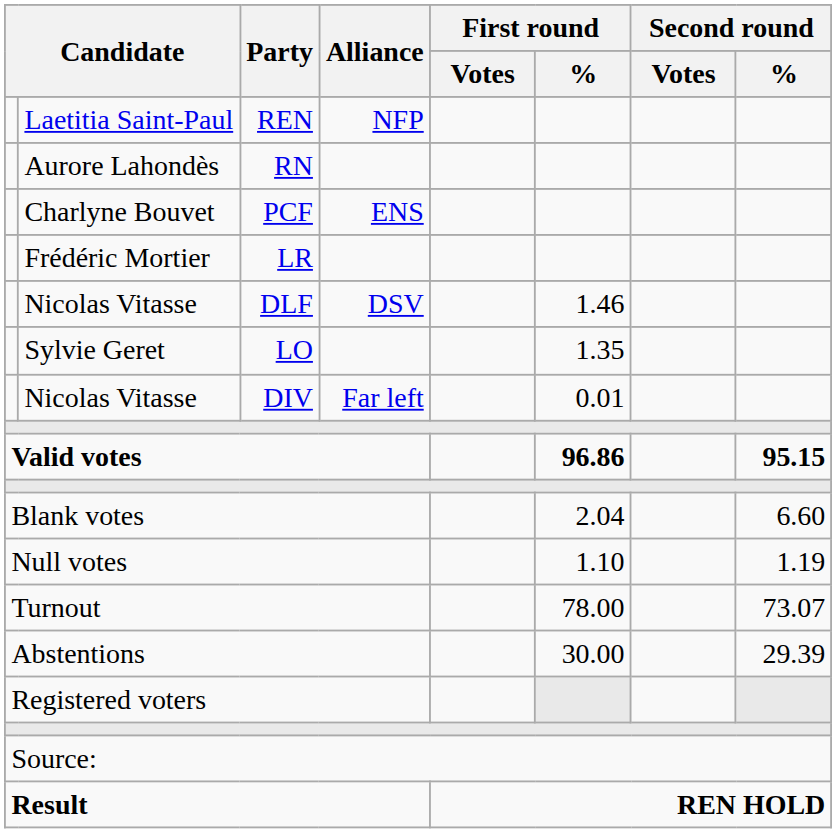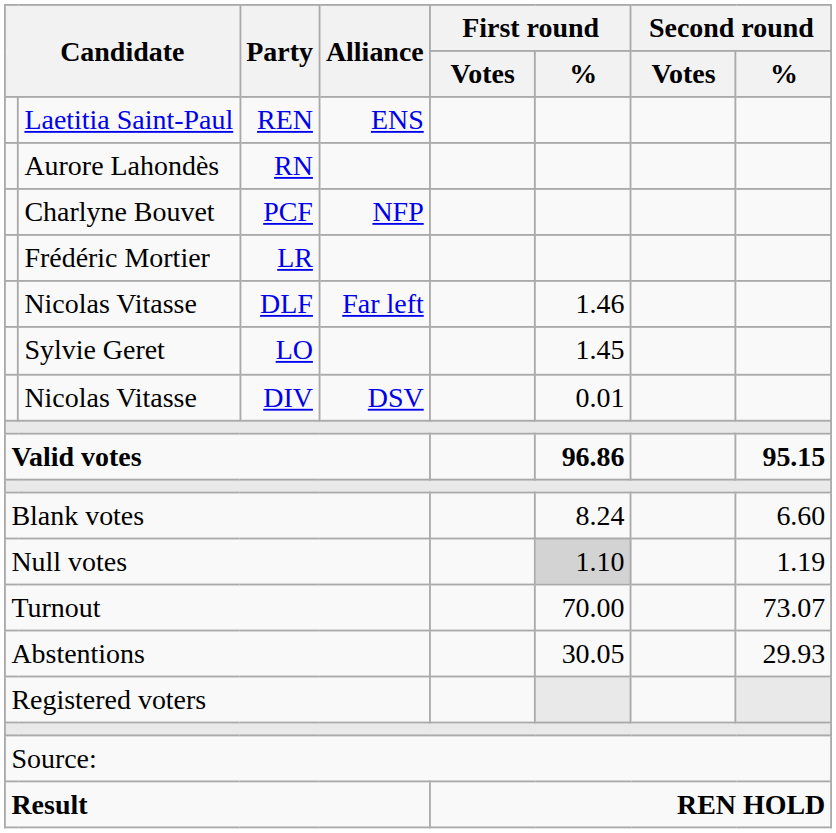 <table class="wikitable" style="text-align:right;font-size:95%;">
 <tr>
 <th colspan="2" rowspan="2">Candidate</th>
 <th colspan="1" rowspan="2">Party</th>
 <th colspan="1" rowspan="2">Alliance</th>
 <th colspan="2">First round</th>
 <th colspan="2">Second round</th>
 </tr>
 <tr>
 <th style="width:50px;">Votes</th>
 <th style="width:45px;">%</th>
 <th style="width:50px;">Votes</th>
 <th style="width:45px;">%</th>
 </tr>
 <tr>
 <td style="color:inherit;background:"></td>
 <td style="text-align:left;"><a href='#'>Laetitia Saint-Paul</a></td>
 <td><a href='#'>REN</a></td>
-<td><a href='#'>NFP</a></td>
+<td><a href='#'>ENS</a></td>
 <td></td>
 <td></td>
 <td><strong></strong></td>
 <td><strong></strong></td>
 </tr>
 <tr>
 <td style="color:inherit;background:"></td>
 <td style="text-align:left;">Aurore Lahondès</td>
 <td><a href='#'>RN</a></td>
 <td></td>
 <td></td>
 <td></td>
 <td></td>
 <td></td>
 </tr>
 <tr>
 <td style="color:inherit;background:"></td>
 <td style="text-align:left;">Charlyne Bouvet</td>
 <td><a href='#'>PCF</a></td>
-<td><a href='#'>ENS</a></td>
+<td><a href='#'>NFP</a></td>
 <td></td>
 <td></td>
 <td></td>
 <td></td>
 </tr>
 <tr>
 <td style="color:inherit;background:"></td>
 <td style="text-align:left;">Frédéric Mortier</td>
 <td><a href='#'>LR</a></td>
 <td></td>
 <td></td>
 <td></td>
 <td></td>
 <td></td>
 </tr>
 <tr>
 <td style="color:inherit;background:"></td>
 <td style="text-align:left;">Nicolas Vitasse</td>
 <td><a href='#'>DLF</a></td>
-<td><a href='#'>DSV</a></td>
+<td><a href='#'>Far left</a></td>
 <td></td>
 <td>1.46</td>
 <td></td>
 <td></td>
 </tr>
 <tr>
 <td style="color:inherit;background:"></td>
 <td style="text-align:left;">Sylvie Geret</td>
 <td><a href='#'>LO</a></td>
 <td></td>
 <td></td>
-<td>1.35</td>
+<td>1.45</td>
 <td></td>
 <td></td>
 </tr>
 <tr>
 <td style="color:inherit;background:"></td>
 <td style="text-align:left;">Nicolas Vitasse</td>
 <td><a href='#'>DIV</a></td>
-<td><a href='#'>Far left</a></td>
+<td><a href='#'>DSV</a></td>
 <td></td>
 <td>0.01</td>
 <td></td>
 <td></td>
 </tr>
 <tr>
 <td colspan="8" style="background:#E9E9E9;"></td>
 </tr>
 <tr style="font-weight:bold;">
 <td colspan="4" style="text-align:left;">Valid votes</td>
 <td></td>
 <td>96.86</td>
 <td></td>
 <td>95.15</td>
 </tr>
 <tr>
 <td colspan="8" style="background:#E9E9E9;"></td>
 </tr>
 <tr>
 <td colspan="4" style="text-align:left;">Blank votes</td>
 <td></td>
-<td>2.04</td>
+<td>8.24</td>
 <td></td>
 <td>6.60</td>
 </tr>
 <tr>
 <td colspan="4" style="text-align:left;">Null votes</td>
 <td></td>
-<td>1.10</td>
+<td style="background: lightgrey;">1.10</td>
 <td></td>
 <td>1.19</td>
 </tr>
 <tr>
 <td colspan="4" style="text-align:left;">Turnout</td>
 <td></td>
-<td>78.00</td>
+<td>70.00</td>
 <td></td>
 <td>73.07</td>
 </tr>
 <tr>
 <td colspan="4" style="text-align:left;">Abstentions</td>
 <td></td>
-<td>30.00</td>
+<td>30.05</td>
 <td></td>
-<td>29.39</td>
+<td>29.93</td>
 </tr>
 <tr>
 <td colspan="4" style="text-align:left;">Registered voters</td>
 <td></td>
 <td style="background:#E9E9E9;"></td>
 <td></td>
 <td style="background:#E9E9E9;"></td>
 </tr>
 <tr>
 <td colspan="8" style="background:#E9E9E9;"></td>
 </tr>
 <tr>
 <td colspan="8" style="text-align:left;">Source: </td>
 </tr>
 <tr style="font-weight:bold">
 <td colspan="4" style="text-align:left;">Result</td>
 <td colspan="4" style="background-color:">REN HOLD</td>
 </tr>
 </table>
